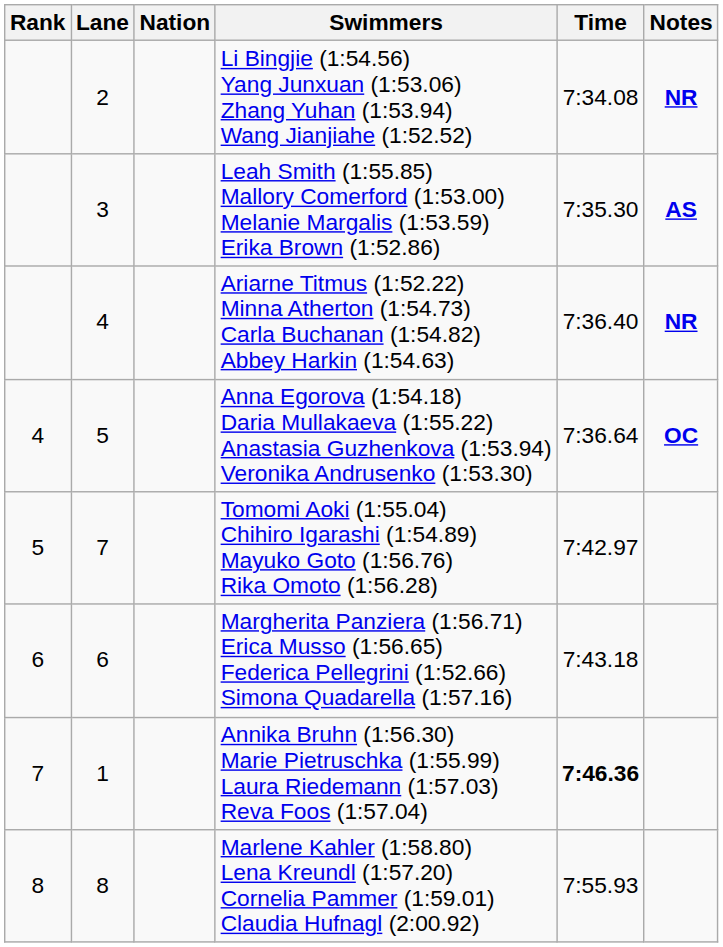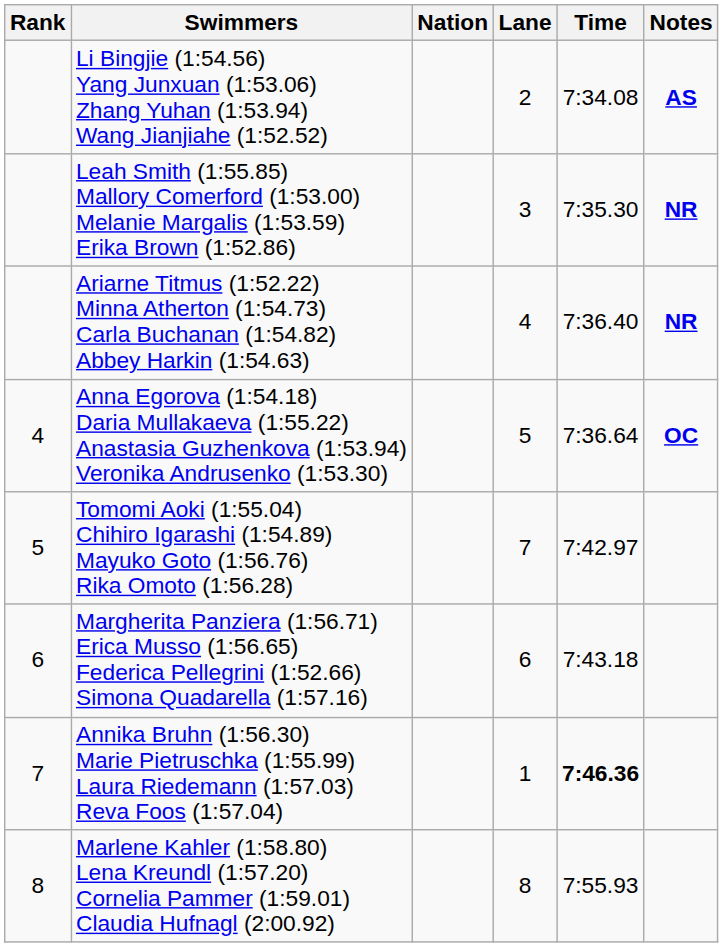 <table class="wikitable sortable" style="text-align:center">
 <tr>
 <th>Rank</th>
+<th>Swimmers</th>
+<th>Nation</th>
 <th>Lane</th>
-<th>Nation</th>
-<th>Swimmers</th>
 <th>Time</th>
 <th>Notes</th>
 </tr>
 <tr>
 <td></td>
+<td align=left><a href='#'>Li Bingjie</a> (1:54.56)<br><a href='#'>Yang Junxuan</a> (1:53.06)<br><a href='#'>Zhang Yuhan</a> (1:53.94)<br><a href='#'>Wang Jianjiahe</a> (1:52.52)<br></td>
+<td align=left></td>
 <td>2</td>
+<td>7:34.08</td>
+<td><strong><a href='#'>AS</a></strong></td>
+</tr>
+<tr>
+<td></td>
+<td align=left><a href='#'>Leah Smith</a> (1:55.85)<br><a href='#'>Mallory Comerford</a> (1:53.00)<br><a href='#'>Melanie Margalis</a> (1:53.59)<br><a href='#'>Erika Brown</a> (1:52.86)</td>
 <td align=left></td>
-<td align=left><a href='#'>Li Bingjie</a> (1:54.56)<br><a href='#'>Yang Junxuan</a> (1:53.06)<br><a href='#'>Zhang Yuhan</a> (1:53.94)<br><a href='#'>Wang Jianjiahe</a> (1:52.52)<br></td>
-<td>7:34.08</td>
+<td>3</td>
+<td>7:35.30</td>
 <td><strong><a href='#'>NR</a></strong></td>
 </tr>
 <tr>
 <td></td>
-<td>3</td>
+<td align=left><a href='#'>Ariarne Titmus</a> (1:52.22)<br><a href='#'>Minna Atherton</a> (1:54.73)<br><a href='#'>Carla Buchanan</a> (1:54.82)<br><a href='#'>Abbey Harkin</a> (1:54.63)</td>
 <td align=left></td>
-<td align=left><a href='#'>Leah Smith</a> (1:55.85)<br><a href='#'>Mallory Comerford</a> (1:53.00)<br><a href='#'>Melanie Margalis</a> (1:53.59)<br><a href='#'>Erika Brown</a> (1:52.86)</td>
-<td>7:35.30</td>
-<td><strong><a href='#'>AS</a></strong></td>
-</tr>
-<tr>
-<td></td>
 <td>4</td>
-<td align=left></td>
-<td align=left><a href='#'>Ariarne Titmus</a> (1:52.22)<br><a href='#'>Minna Atherton</a> (1:54.73)<br><a href='#'>Carla Buchanan</a> (1:54.82)<br><a href='#'>Abbey Harkin</a> (1:54.63)</td>
 <td>7:36.40</td>
 <td><strong><a href='#'>NR</a></strong></td>
 </tr>
 <tr>
 <td>4</td>
+<td align=left><a href='#'>Anna Egorova</a> (1:54.18)<br><a href='#'>Daria Mullakaeva</a> (1:55.22)<br><a href='#'>Anastasia Guzhenkova</a> (1:53.94)<br><a href='#'>Veronika Andrusenko</a> (1:53.30)</td>
+<td align=left></td>
 <td>5</td>
-<td align=left></td>
-<td align=left><a href='#'>Anna Egorova</a> (1:54.18)<br><a href='#'>Daria Mullakaeva</a> (1:55.22)<br><a href='#'>Anastasia Guzhenkova</a> (1:53.94)<br><a href='#'>Veronika Andrusenko</a> (1:53.30)</td>
 <td>7:36.64</td>
 <td><strong><a href='#'>OC</a></strong></td>
 </tr>
 <tr>
 <td>5</td>
+<td align=left><a href='#'>Tomomi Aoki</a> (1:55.04)<br><a href='#'>Chihiro Igarashi</a> (1:54.89)<br><a href='#'>Mayuko Goto</a> (1:56.76)<br><a href='#'>Rika Omoto</a> (1:56.28)</td>
+<td align=left></td>
 <td>7</td>
-<td align=left></td>
-<td align=left><a href='#'>Tomomi Aoki</a> (1:55.04)<br><a href='#'>Chihiro Igarashi</a> (1:54.89)<br><a href='#'>Mayuko Goto</a> (1:56.76)<br><a href='#'>Rika Omoto</a> (1:56.28)</td>
 <td>7:42.97</td>
 <td></td>
 </tr>
 <tr>
 <td>6</td>
+<td align=left><a href='#'>Margherita Panziera</a> (1:56.71)<br><a href='#'>Erica Musso</a> (1:56.65)<br><a href='#'>Federica Pellegrini</a> (1:52.66)<br><a href='#'>Simona Quadarella</a> (1:57.16)</td>
+<td align=left></td>
 <td>6</td>
-<td align=left></td>
-<td align=left><a href='#'>Margherita Panziera</a> (1:56.71)<br><a href='#'>Erica Musso</a> (1:56.65)<br><a href='#'>Federica Pellegrini</a> (1:52.66)<br><a href='#'>Simona Quadarella</a> (1:57.16)</td>
 <td>7:43.18</td>
 <td></td>
 </tr>
 <tr>
 <td>7</td>
+<td align=left><a href='#'>Annika Bruhn</a> (1:56.30)<br><a href='#'>Marie Pietruschka</a> (1:55.99)<br><a href='#'>Laura Riedemann</a> (1:57.03)<br><a href='#'>Reva Foos</a> (1:57.04)</td>
+<td align=left></td>
 <td>1</td>
-<td align=left></td>
-<td align=left><a href='#'>Annika Bruhn</a> (1:56.30)<br><a href='#'>Marie Pietruschka</a> (1:55.99)<br><a href='#'>Laura Riedemann</a> (1:57.03)<br><a href='#'>Reva Foos</a> (1:57.04)</td>
 <td><strong>7:46.36</strong></td>
 <td></td>
 </tr>
 <tr>
 <td>8</td>
+<td align=left><a href='#'>Marlene Kahler</a> (1:58.80)<br><a href='#'>Lena Kreundl</a> (1:57.20)<br><a href='#'>Cornelia Pammer</a> (1:59.01)<br><a href='#'>Claudia Hufnagl</a> (2:00.92)</td>
+<td align=left></td>
 <td>8</td>
-<td align=left></td>
-<td align=left><a href='#'>Marlene Kahler</a> (1:58.80)<br><a href='#'>Lena Kreundl</a> (1:57.20)<br><a href='#'>Cornelia Pammer</a> (1:59.01)<br><a href='#'>Claudia Hufnagl</a> (2:00.92)</td>
 <td>7:55.93</td>
 <td></td>
 </tr>
 </table>
